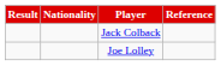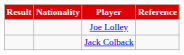 <table class="wikitable" style="text-align:center; font-size:90%">
 <tr>
 <th style="background:#DD0000; color:#FFFFFF;">Result</th>
 <th style="background:#DD0000; color:#FFFFFF;">Nationality</th>
 <th style="background:#DD0000; color:#FFFFFF;">Player</th>
 <th style="background:#DD0000; color:#FFFFFF;">Reference</th>
 </tr>
 <tr>
 <td></td>
 <td></td>
-<td><a href='#'>Jack Colback</a></td>
+<td><a href='#'>Joe Lolley</a></td>
 <td></td>
 </tr>
 <tr>
 <td></td>
 <td></td>
-<td><a href='#'>Joe Lolley</a></td>
+<td><a href='#'>Jack Colback</a></td>
 <td></td>
 </tr>
 </table>
